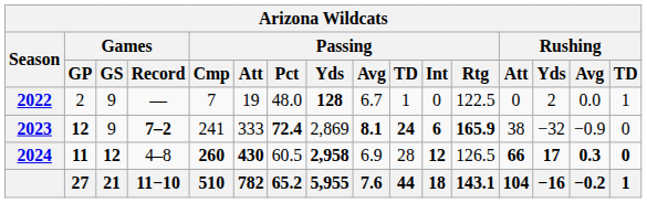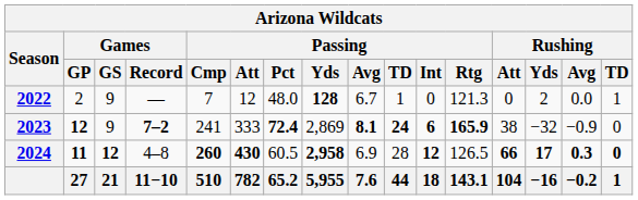 <table class="wikitable" style="text-align:center;">
 <tr>
 <th colspan="16">Arizona Wildcats</th>
 </tr>
 <tr>
 <th rowspan="2">Season</th>
 <th colspan="3">Games</th>
 <th colspan="8">Passing</th>
 <th colspan="4">Rushing</th>
 </tr>
 <tr>
 <th>GP</th>
 <th>GS</th>
 <th>Record</th>
 <th>Cmp</th>
 <th>Att</th>
 <th>Pct</th>
 <th>Yds</th>
 <th>Avg</th>
 <th>TD</th>
 <th>Int</th>
 <th>Rtg</th>
 <th>Att</th>
 <th>Yds</th>
 <th>Avg</th>
 <th>TD</th>
 </tr>
 <tr>
 <th><a href='#'>2022</a></th>
 <td>2</td>
 <td>9</td>
 <td>—</td>
 <td>7</td>
-<td>19</td>
+<td>12</td>
 <td>48.0</td>
 <td><strong>128</strong></td>
 <td>6.7</td>
 <td>1</td>
 <td>0</td>
-<td>122.5</td>
+<td>121.3</td>
 <td>0</td>
 <td>2</td>
 <td>0.0</td>
 <td>1</td>
 </tr>
 <tr>
 <th><a href='#'>2023</a></th>
 <td><strong>12</strong></td>
 <td>9</td>
 <td><strong>7–2</strong></td>
 <td>241</td>
 <td>333</td>
 <td><strong>72.4</strong></td>
 <td>2,869</td>
 <td><strong>8.1</strong></td>
 <td><strong>24</strong></td>
 <td><strong>6</strong></td>
 <td><strong>165.9</strong></td>
 <td>38</td>
 <td>−32</td>
 <td>−0.9</td>
 <td>0</td>
 </tr>
 <tr>
 <th><a href='#'>2024</a></th>
 <td><strong>11</strong></td>
 <td><strong>12</strong></td>
 <td>4–8</td>
 <td><strong>260</strong></td>
 <td><strong>430</strong></td>
 <td>60.5</td>
 <td><strong>2,958</strong></td>
 <td>6.9</td>
 <td>28</td>
 <td><strong>12</strong></td>
 <td>126.5</td>
 <td><strong>66</strong></td>
 <td><strong>17</strong></td>
 <td><strong>0.3</strong></td>
 <td><strong>0</strong></td>
 </tr>
 <tr>
 <th></th>
 <th>27</th>
 <th>21</th>
 <th>11−10</th>
 <th>510</th>
 <th>782</th>
 <th>65.2</th>
 <th>5,955</th>
 <th>7.6</th>
 <th>44</th>
 <th>18</th>
 <th>143.1</th>
 <th>104</th>
 <th>−16</th>
 <th>−0.2</th>
 <th>1</th>
 </tr>
 </table>
